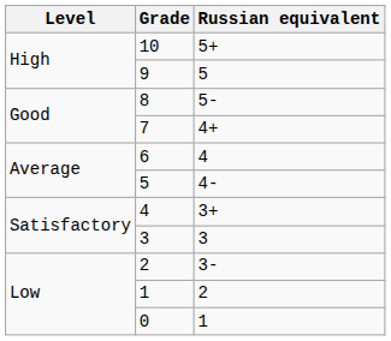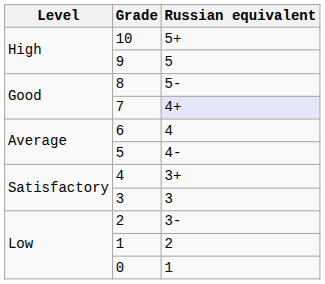 <table class="wikitable">
 <tr>
 <th>Level</th>
 <th>Grade</th>
 <th>Russian equivalent</th>
 </tr>
 <tr>
 <td rowspan="2">High</td>
 <td>10</td>
 <td>5+</td>
 </tr>
 <tr>
 <td>9</td>
 <td>5</td>
 </tr>
 <tr>
 <td rowspan="2">Good</td>
 <td>8</td>
 <td>5-</td>
 </tr>
 <tr>
 <td>7</td>
-<td>4+</td>
+<td style="background: lavender;">4+</td>
 </tr>
 <tr>
 <td rowspan="2">Average</td>
 <td>6</td>
 <td>4</td>
 </tr>
 <tr>
 <td>5</td>
 <td>4-</td>
 </tr>
 <tr>
 <td rowspan="2">Satisfactory</td>
 <td>4</td>
 <td>3+</td>
 </tr>
 <tr>
 <td>3</td>
 <td>3</td>
 </tr>
 <tr>
 <td rowspan="3">Low</td>
 <td>2</td>
 <td>3-</td>
 </tr>
 <tr>
 <td>1</td>
 <td>2</td>
 </tr>
 <tr>
 <td>0</td>
 <td>1</td>
 </tr>
 </table>
